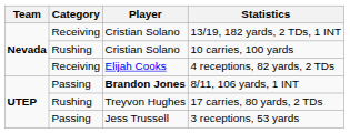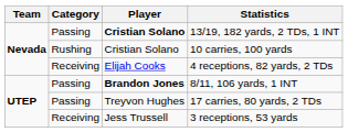 <table class="wikitable" style="float: left;">
 <tr>
 <th>Team</th>
 <th>Category</th>
 <th>Player</th>
 <th>Statistics</th>
 </tr>
 <tr>
 <td rowspan=3><strong>Nevada</strong></td>
-<td>Receiving</td>
-<td>Cristian Solano</td>
+<td>Passing</td>
+<td><strong>Cristian Solano</strong></td>
 <td>13/19, 182 yards, 2 TDs, 1 INT</td>
 </tr>
 <tr>
 <td>Rushing</td>
 <td>Cristian Solano</td>
 <td>10 carries, 100 yards</td>
 </tr>
 <tr>
 <td>Receiving</td>
 <td><a href='#'>Elijah Cooks</a></td>
 <td>4 receptions, 82 yards, 2 TDs</td>
 </tr>
 <tr>
 <td rowspan=3><strong>UTEP</strong></td>
 <td>Passing</td>
 <td><strong>Brandon Jones</strong></td>
 <td>8/11, 106 yards, 1 INT</td>
 </tr>
 <tr>
-<td>Rushing</td>
+<td>Passing</td>
 <td>Treyvon Hughes</td>
 <td>17 carries, 80 yards, 2 TDs</td>
 </tr>
 <tr>
-<td>Passing</td>
+<td>Receiving</td>
 <td>Jess Trussell</td>
 <td>3 receptions, 53 yards</td>
 </tr>
 </table>
